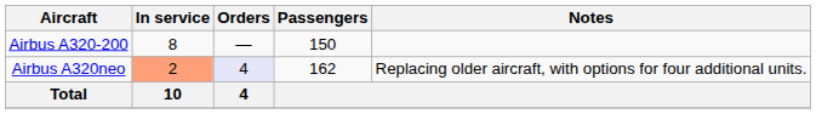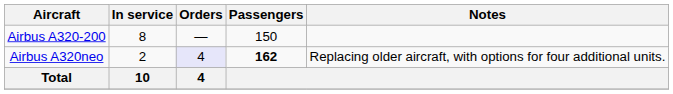 <table class="wikitable" style="text-align:center;">
 <tr>
 <th>Aircraft</th>
 <th>In service</th>
 <th>Orders</th>
 <th>Passengers</th>
 <th>Notes</th>
 </tr>
 <tr>
 <td><a href='#'>Airbus A320-200</a></td>
 <td>8</td>
 <td>—</td>
 <td>150</td>
 <td></td>
 </tr>
 <tr>
 <td><a href='#'>Airbus A320neo</a></td>
-<td style="background: lightsalmon;">2</td>
+<td>2</td>
 <td style="background: lavender;">4</td>
-<td>162</td>
+<td><strong>162</strong></td>
 <td>Replacing older aircraft, with options for four additional units.</td>
 </tr>
 <tr>
 <th>Total</th>
 <th>10</th>
 <th>4</th>
 <th colspan="3"></th>
 </tr>
 <tr>
 </tr>
 </table>
